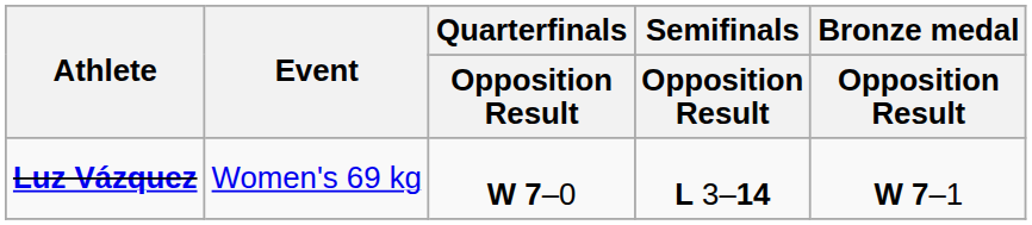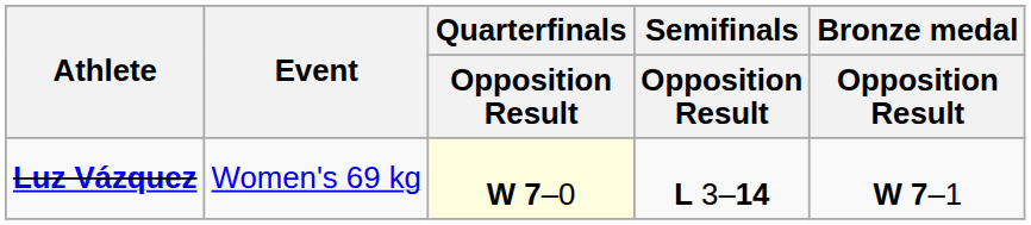 <table class="wikitable" border="1" style="font-size:90%">
 <tr>
 <th rowspan=2>Athlete</th>
 <th rowspan=2>Event</th>
 <th>Quarterfinals</th>
 <th>Semifinals</th>
 <th>Bronze medal</th>
 </tr>
 <tr>
 <th>Opposition<br>Result</th>
 <th>Opposition<br>Result</th>
 <th>Opposition<br>Result</th>
 </tr>
 <tr align=center>
 <td align=left><s><strong><a href='#'>Luz Vázquez</a></strong></s></td>
 <td align=left><a href='#'>Women's 69 kg</a></td>
-<td><br><strong>W</strong> <strong>7</strong>–0</td>
+<td style="background: lightyellow;"><br><strong>W</strong> <strong>7</strong>–0</td>
 <td><br><strong>L</strong> 3–<strong>14</strong></td>
 <td><br><strong>W</strong> <strong>7</strong>–1<br></td>
 </tr>
 </table>
